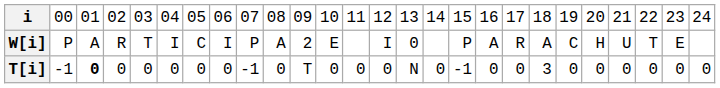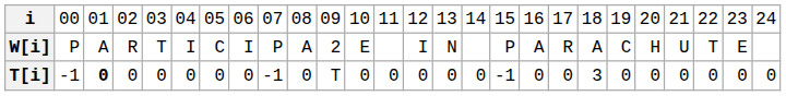 <table class="wikitable" style="background-color:white; font-family:monospace; text-align:right">
 <tr>
 <th><code>i</code></th>
 <td>00</td>
 <td>01</td>
 <td>02</td>
 <td>03</td>
 <td>04</td>
 <td>05</td>
 <td>06</td>
 <td>07</td>
 <td>08</td>
 <td>09</td>
 <td>10</td>
 <td>11</td>
 <td>12</td>
 <td>13</td>
 <td>14</td>
 <td>15</td>
 <td>16</td>
 <td>17</td>
 <td>18</td>
 <td>19</td>
 <td>20</td>
 <td>21</td>
 <td>22</td>
 <td>23</td>
 <td>24</td>
 </tr>
 <tr>
 <th><code>W[i]</code></th>
 <td>P</td>
 <td>A</td>
 <td>R</td>
 <td>T</td>
 <td>I</td>
 <td>C</td>
 <td>I</td>
 <td>P</td>
 <td>A</td>
 <td>2</td>
 <td>E</td>
 <td></td>
 <td>I</td>
-<td>0</td>
+<td>N</td>
 <td></td>
 <td>P</td>
 <td>A</td>
 <td>R</td>
 <td>A</td>
 <td>C</td>
 <td>H</td>
 <td>U</td>
 <td>T</td>
 <td>E</td>
 <td></td>
 </tr>
 <tr>
 <th><code>T[i]</code></th>
 <td>-1</td>
 <td><strong>0</strong></td>
 <td>0</td>
 <td>0</td>
 <td>0</td>
 <td>0</td>
 <td>0</td>
 <td>-1</td>
 <td>0</td>
 <td>T</td>
 <td>0</td>
 <td>0</td>
 <td>0</td>
-<td>N</td>
+<td>0</td>
 <td>0</td>
 <td>-1</td>
 <td>0</td>
 <td>0</td>
 <td>3</td>
 <td>0</td>
 <td>0</td>
 <td>0</td>
 <td>0</td>
 <td>0</td>
 <td>0</td>
 </tr>
 </table>
